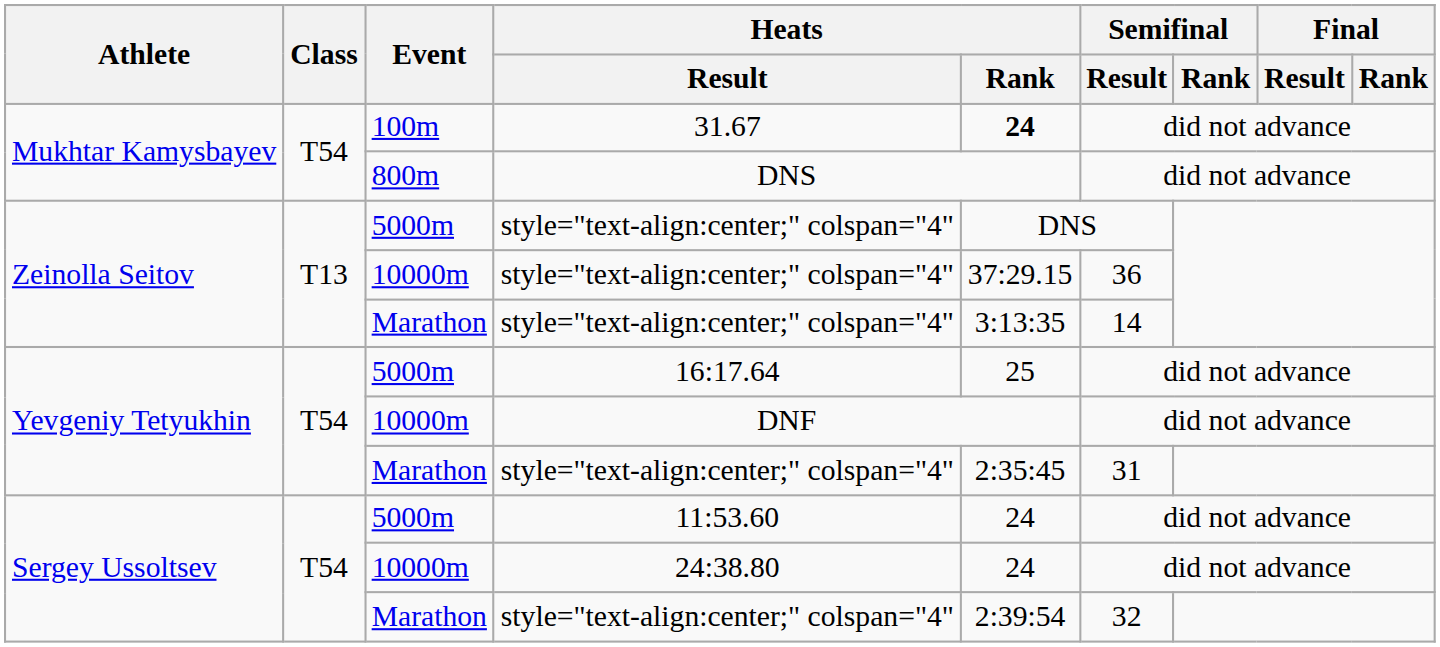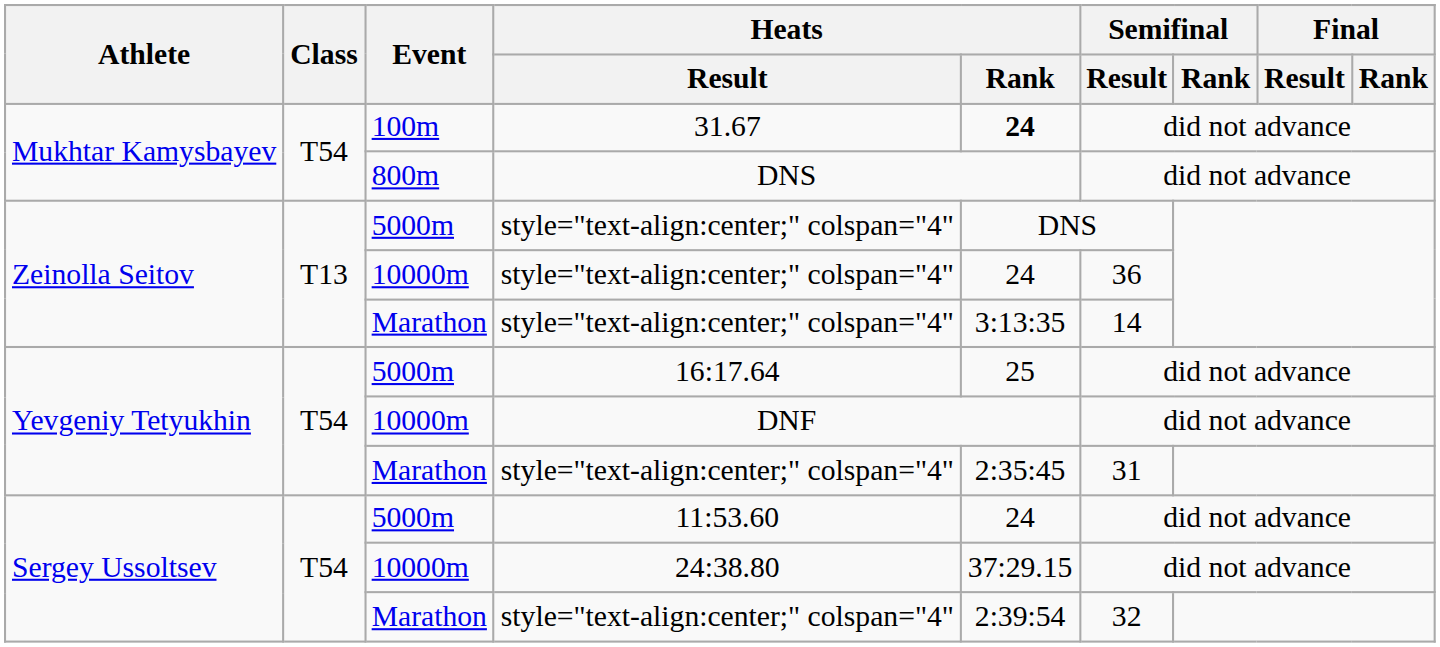 <table class=wikitable style="font-size:90%">
 <tr>
 <th rowspan="2">Athlete</th>
 <th rowspan="2">Class</th>
 <th rowspan="2">Event</th>
 <th colspan="2">Heats</th>
 <th colspan="2">Semifinal</th>
 <th colspan="2">Final</th>
 </tr>
 <tr>
 <th>Result</th>
 <th>Rank</th>
 <th>Result</th>
 <th>Rank</th>
 <th>Result</th>
 <th>Rank</th>
 </tr>
 <tr>
 <td rowspan="2"><a href='#'>Mukhtar Kamysbayev</a></td>
 <td rowspan="2" style="text-align:center;">T54</td>
 <td><a href='#'>100m</a></td>
 <td style="text-align:center;">31.67</td>
 <td style="text-align:center;"><strong>24</strong></td>
 <td style="text-align:center;" colspan="4">did not advance</td>
 </tr>
 <tr>
 <td><a href='#'>800m</a></td>
 <td style="text-align:center;" colspan="2">DNS</td>
 <td style="text-align:center;" colspan="4">did not advance</td>
 </tr>
 <tr>
 <td rowspan="3"><a href='#'>Zeinolla Seitov</a></td>
 <td rowspan="3" style="text-align:center;">T13</td>
 <td><a href='#'>5000m</a></td>
 <td>style="text-align:center;" colspan="4" </td>
 <td style="text-align:center;" colspan="2">DNS</td>
 </tr>
 <tr>
 <td><a href='#'>10000m</a></td>
 <td>style="text-align:center;" colspan="4" </td>
-<td style="text-align:center;">37:29.15</td>
+<td style="text-align:center;">24</td>
 <td style="text-align:center;">36</td>
 </tr>
 <tr>
 <td><a href='#'>Marathon</a></td>
 <td>style="text-align:center;" colspan="4" </td>
 <td style="text-align:center;">3:13:35</td>
 <td style="text-align:center;">14</td>
 </tr>
 <tr>
 <td rowspan="3"><a href='#'>Yevgeniy Tetyukhin</a></td>
 <td rowspan="3" style="text-align:center;">T54</td>
 <td><a href='#'>5000m</a></td>
 <td style="text-align:center;">16:17.64</td>
 <td style="text-align:center;">25</td>
 <td style="text-align:center;" colspan="4">did not advance</td>
 </tr>
 <tr>
 <td><a href='#'>10000m</a></td>
 <td style="text-align:center;" colspan="2">DNF</td>
 <td style="text-align:center;" colspan="4">did not advance</td>
 </tr>
 <tr>
 <td><a href='#'>Marathon</a></td>
 <td>style="text-align:center;" colspan="4" </td>
 <td style="text-align:center;">2:35:45</td>
 <td style="text-align:center;">31</td>
 </tr>
 <tr>
 <td rowspan="3"><a href='#'>Sergey Ussoltsev</a></td>
 <td rowspan="3" style="text-align:center;">T54</td>
 <td><a href='#'>5000m</a></td>
 <td style="text-align:center;">11:53.60</td>
 <td style="text-align:center;">24</td>
 <td style="text-align:center;" colspan="4">did not advance</td>
 </tr>
 <tr>
 <td><a href='#'>10000m</a></td>
 <td style="text-align:center;">24:38.80</td>
-<td style="text-align:center;">24</td>
+<td style="text-align:center;">37:29.15</td>
 <td style="text-align:center;" colspan="4">did not advance</td>
 </tr>
 <tr>
 <td><a href='#'>Marathon</a></td>
 <td>style="text-align:center;" colspan="4" </td>
 <td style="text-align:center;">2:39:54</td>
 <td style="text-align:center;">32</td>
 </tr>
 </table>
